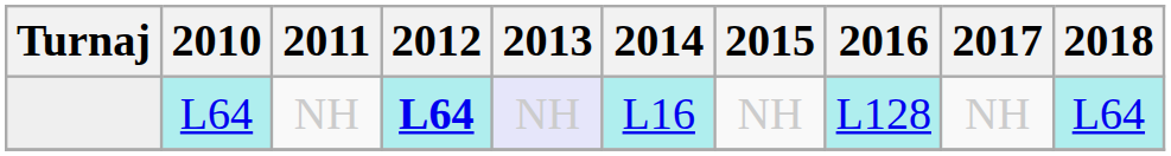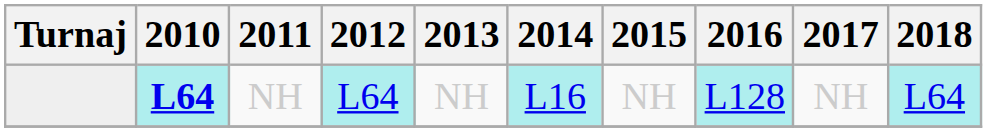 <table class="wikitable" style="width:30%; margin:0">
 <tr>
 <th>Turnaj</th>
 <th>2010</th>
 <th>2011</th>
 <th>2012</th>
 <th>2013</th>
 <th>2014</th>
 <th>2015</th>
 <th>2016</th>
 <th>2017</th>
 <th>2018</th>
 </tr>
 <tr>
 <td style="background:#efefef;"></td>
+<td style="text-align:center; background:#afeeee;"><strong><a href='#'>L64</a></strong></td>
+<td style="text-align:center; color:#ccc;">NH</td>
 <td style="text-align:center; background:#afeeee;"><a href='#'>L64</a></td>
 <td style="text-align:center; color:#ccc;">NH</td>
-<td style="text-align:center; background:#afeeee;"><strong><a href='#'>L64</a></strong></td>
-<td style="background: lavender; text-align:center; color:#ccc;">NH</td>
 <td style="text-align:center; background:#afeeee;"><a href='#'>L16</a></td>
 <td style="text-align:center; color:#ccc;">NH</td>
 <td style="text-align:center; background:#afeeee;"><a href='#'>L128</a></td>
 <td style="text-align:center; color:#ccc;">NH</td>
 <td style="text-align:center; background:#afeeee;"><a href='#'>L64</a></td>
 </tr>
 <tr>
 </tr>
 </table>
